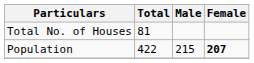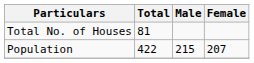 <table class="wikitable sortable">
 <tr>
 <th>Particulars</th>
 <th>Total</th>
 <th>Male</th>
 <th>Female</th>
 </tr>
 <tr>
 <td>Total No. of Houses</td>
 <td>81</td>
 <td></td>
 <td></td>
 </tr>
 <tr>
 <td>Population</td>
 <td>422</td>
 <td>215</td>
-<td><strong>207</strong></td>
+<td>207</td>
 </tr>
 <tr>
 </tr>
 </table>
